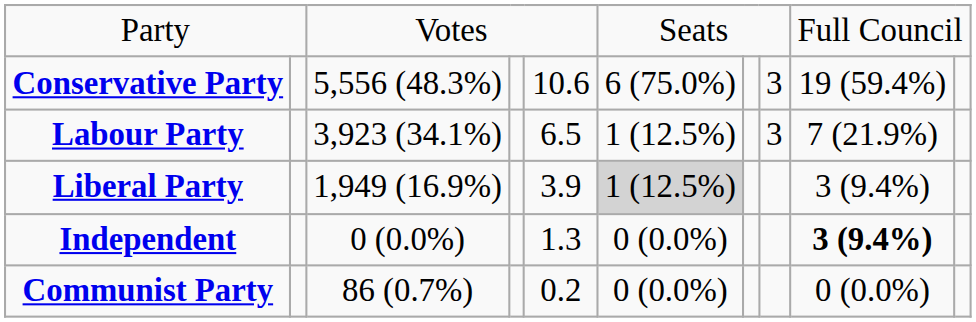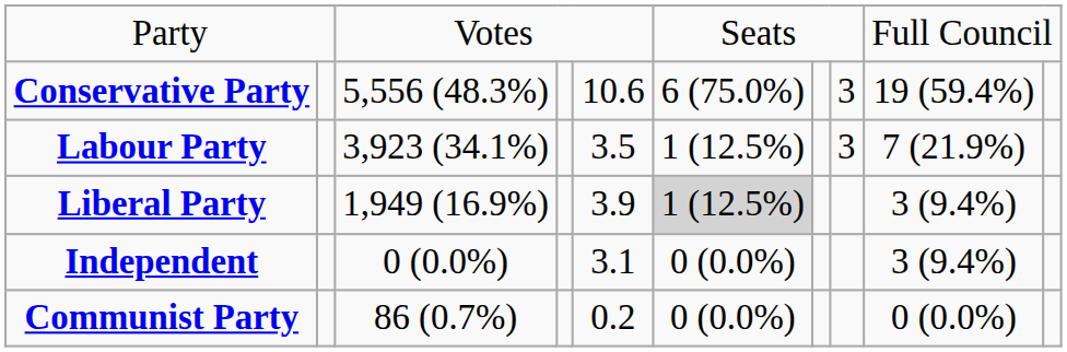 <table class=wikitable style="text-align:center;">
 <tr>
 <td colspan=2>Party</td>
 <td colspan=3>Votes</td>
 <td colspan=3>Seats</td>
 <td colspan=3>Full Council</td>
 </tr>
 <tr>
 <td><strong><a href='#'>Conservative Party</a></strong></td>
 <td style="background:"></td>
 <td>5,556 (48.3%)</td>
 <td></td>
 <td> 10.6</td>
 <td>6 (75.0%)</td>
 <td></td>
 <td> 3</td>
 <td>19 (59.4%)</td>
 <td></td>
 </tr>
 <tr>
 <td><strong><a href='#'>Labour Party</a></strong></td>
 <td style="background:"></td>
 <td>3,923 (34.1%)</td>
 <td></td>
-<td> 6.5</td>
+<td> 3.5</td>
 <td>1 (12.5%)</td>
 <td></td>
 <td> 3</td>
 <td>7 (21.9%)</td>
 <td></td>
 </tr>
 <tr>
 <td><strong><a href='#'>Liberal Party</a></strong></td>
 <td style="background:"></td>
 <td>1,949 (16.9%)</td>
 <td></td>
 <td> 3.9</td>
 <td style="background: lightgrey;">1 (12.5%)</td>
 <td></td>
 <td></td>
 <td>3 (9.4%)</td>
 <td></td>
 </tr>
 <tr>
 <td><strong><a href='#'>Independent</a></strong></td>
 <td style="background:"></td>
 <td>0 (0.0%)</td>
 <td></td>
-<td> 1.3</td>
+<td> 3.1</td>
 <td>0 (0.0%)</td>
 <td></td>
 <td></td>
-<td><strong>3 (9.4%)</strong></td>
+<td>3 (9.4%)</td>
 <td></td>
 </tr>
 <tr>
 <td><strong><a href='#'>Communist Party</a></strong></td>
 <td style="background:"></td>
 <td>86 (0.7%)</td>
 <td></td>
 <td> 0.2</td>
 <td>0 (0.0%)</td>
 <td></td>
 <td></td>
 <td>0 (0.0%)</td>
 <td></td>
 </tr>
 </table>
